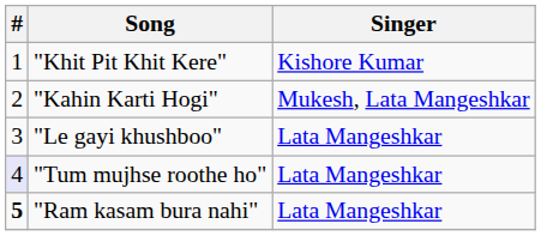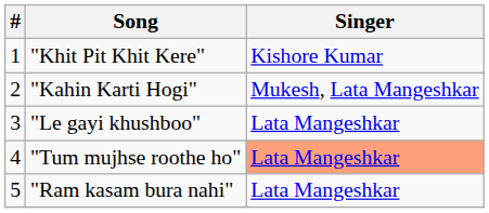 <table class="wikitable">
 <tr>
 <th>#</th>
 <th>Song</th>
 <th>Singer</th>
 </tr>
 <tr>
 <td>1</td>
 <td>"Khit Pit Khit Kere"</td>
 <td><a href='#'>Kishore Kumar</a></td>
 </tr>
 <tr>
 <td>2</td>
 <td>"Kahin Karti Hogi"</td>
 <td><a href='#'>Mukesh</a>, <a href='#'>Lata Mangeshkar</a></td>
 </tr>
 <tr>
 <td>3</td>
 <td>"Le gayi khushboo"</td>
 <td><a href='#'>Lata Mangeshkar</a></td>
 </tr>
 <tr>
-<td style="background: lavender;">4</td>
+<td>4</td>
 <td>"Tum mujhse roothe ho"</td>
-<td><a href='#'>Lata Mangeshkar</a></td>
+<td style="background: lightsalmon;"><a href='#'>Lata Mangeshkar</a></td>
 </tr>
 <tr>
-<td><strong>5</strong></td>
+<td>5</td>
 <td>"Ram kasam bura nahi"</td>
 <td><a href='#'>Lata Mangeshkar</a></td>
 </tr>
 <tr>
 </tr>
 </table>
